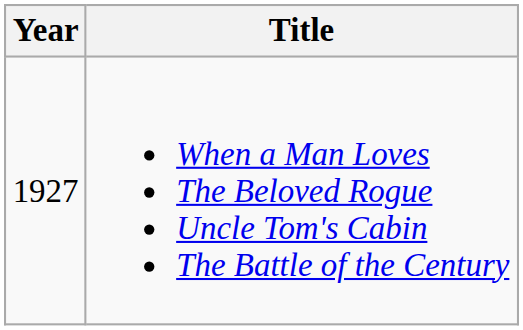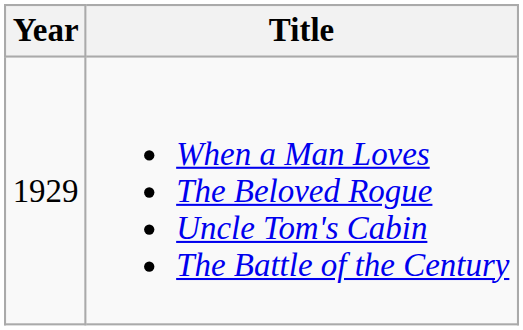 <table class="wikitable sortable">
 <tr>
 <th>Year</th>
 <th>Title</th>
 </tr>
 <tr>
-<td>1927</td>
+<td>1929</td>
 <td><br><ul><li><em><a href='#'>When a Man Loves</a></em></li><li><em><a href='#'>The Beloved Rogue</a></em></li><li><em><a href='#'>Uncle Tom's Cabin</a></em></li><li><em><a href='#'>The Battle of the Century</a></em></li></ul></td>
 </tr>
 </table>
